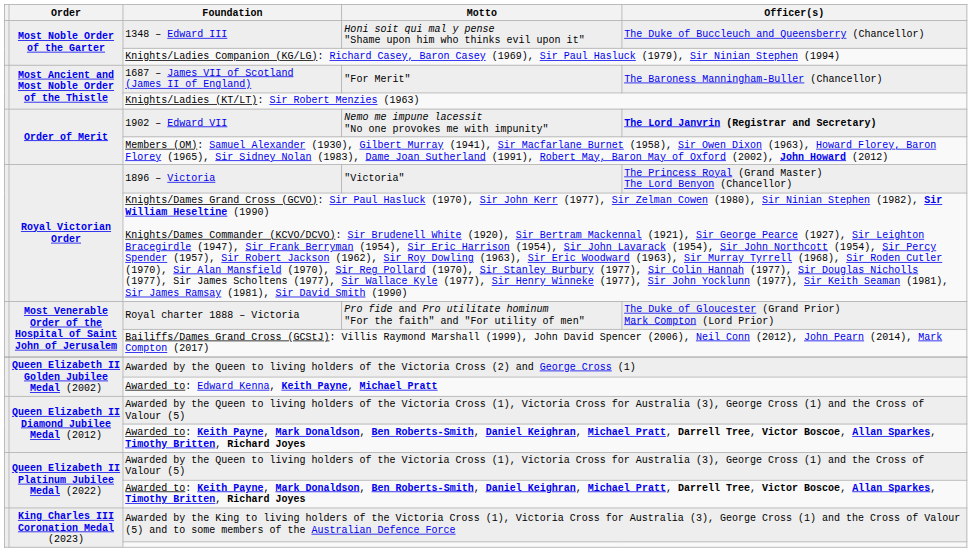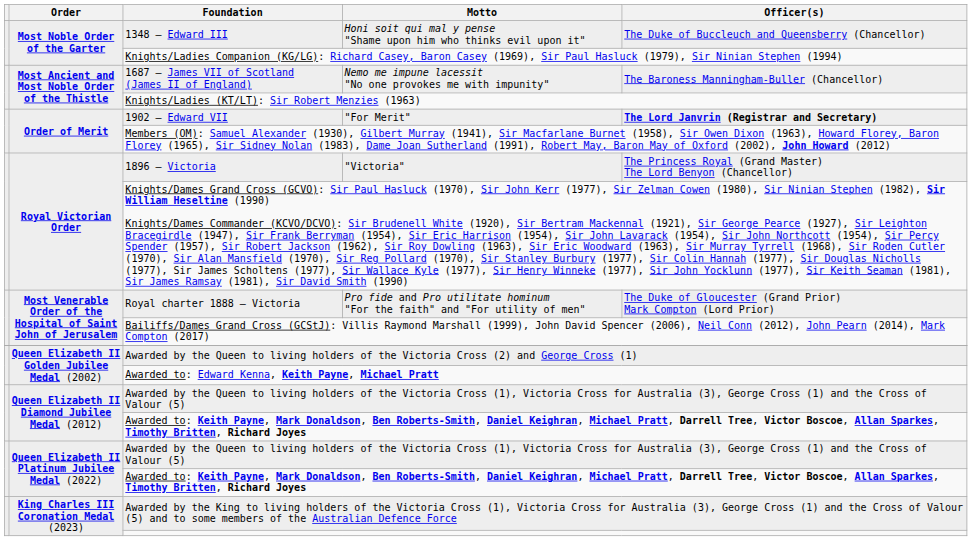 <table class="wikitable">
 <tr>
 <th></th>
 <th>Order</th>
 <th>Foundation</th>
 <th>Motto</th>
 <th>Officer(s)<br></th>
 </tr>
 <tr style="background:#eee;">
 <td rowspan="2" style="text-align:center;"><br></td>
 <td rowspan="2" style="text-align:center;"><strong><a href='#'>Most Noble Order of the Garter</a></strong></td>
 <td>1348 – <a href='#'>Edward III</a></td>
 <td><em>Honi soit qui mal y pense</em><br>"Shame upon him who thinks evil upon it"</td>
 <td><a href='#'>The Duke of Buccleuch and Queensberry</a> (Chancellor)</td>
 </tr>
 <tr>
 <td colspan=4><u>Knights/Ladies Companion (KG/LG)</u>: <a href='#'>Richard Casey, Baron Casey</a> (1969), <a href='#'>Sir Paul Hasluck</a> (1979), <a href='#'>Sir Ninian Stephen</a> (1994)<br></td>
 </tr>
 <tr style="background:#eee;">
 <td rowspan="2" style="text-align:center;"><br></td>
 <td rowspan="2" style="text-align:center;"><strong><a href='#'>Most Ancient and Most Noble Order of the Thistle</a></strong></td>
 <td>1687 – <a href='#'>James VII of Scotland<br>(James II of England)</a></td>
-<td>"For Merit"</td>
+<td><em>Nemo me impune lacessit</em><br>"No one provokes me with impunity"</td>
 <td><a href='#'>The Baroness Manningham-Buller</a> (Chancellor)</td>
 </tr>
 <tr>
 <td colspan=4><u>Knights/Ladies (KT/LT)</u>: <a href='#'>Sir Robert Menzies</a> (1963)<br> </td>
 </tr>
 <tr style="background:#eee;">
 <td rowspan="2" style="text-align:center;"><br><br></td>
 <td rowspan="2" style="text-align:center;"><strong><a href='#'>Order of Merit</a></strong></td>
 <td>1902 – <a href='#'>Edward VII</a></td>
-<td><em>Nemo me impune lacessit</em><br>"No one provokes me with impunity"</td>
+<td>"For Merit"</td>
 <td><strong><a href='#'>The Lord Janvrin</a> (Registrar and Secretary)</strong></td>
 </tr>
 <tr>
 <td colspan=4><u>Members (OM)</u>: <a href='#'>Samuel Alexander</a> (1930), <a href='#'>Gilbert Murray</a> (1941), <a href='#'>Sir Macfarlane Burnet</a> (1958), <a href='#'>Sir Owen Dixon</a> (1963), <a href='#'>Howard Florey, Baron Florey</a> (1965), <a href='#'>Sir Sidney Nolan</a> (1983), <a href='#'>Dame Joan Sutherland</a> (1991), <a href='#'>Robert May, Baron May of Oxford</a> (2002), <strong><a href='#'>John Howard</a></strong> (2012)<br></td>
 </tr>
 <tr style="background:#eee;">
 <td rowspan="2" style="text-align:center;"><br></td>
 <td rowspan="2" style="text-align:center;"><strong><a href='#'>Royal Victorian Order</a></strong></td>
 <td>1896 – <a href='#'>Victoria</a></td>
 <td>"Victoria"</td>
 <td><a href='#'>The Princess Royal</a> (Grand Master)<br> <a href='#'>The Lord Benyon</a> (Chancellor)</td>
 </tr>
 <tr>
 <td colspan=4><u>Knights/Dames Grand Cross (GCVO)</u>: <a href='#'>Sir Paul Hasluck</a> (1970), <a href='#'>Sir John Kerr</a> (1977), <a href='#'>Sir Zelman Cowen</a> (1980), <a href='#'>Sir Ninian Stephen</a> (1982), <strong><a href='#'>Sir William Heseltine</a></strong> (1990)<br><br><u>Knights/Dames Commander (KCVO/DCVO)</u>: <a href='#'>Sir Brudenell White</a> (1920), <a href='#'>Sir Bertram Mackennal</a> (1921), <a href='#'>Sir George Pearce</a> (1927), <a href='#'>Sir Leighton Bracegirdle</a> (1947), <a href='#'>Sir Frank Berryman</a> (1954), <a href='#'>Sir Eric Harrison</a> (1954), <a href='#'>Sir John Lavarack</a> (1954), <a href='#'>Sir John Northcott</a> (1954), <a href='#'>Sir Percy Spender</a> (1957), <a href='#'>Sir Robert Jackson</a> (1962), <a href='#'>Sir Roy Dowling</a> (1963), <a href='#'>Sir Eric Woodward</a> (1963), <a href='#'>Sir Murray Tyrrell</a> (1968), <a href='#'>Sir Roden Cutler</a> (1970), <a href='#'>Sir Alan Mansfield</a> (1970), <a href='#'>Sir Reg Pollard</a> (1970), <a href='#'>Sir Stanley Burbury</a> (1977), <a href='#'>Sir Colin Hannah</a> (1977), <a href='#'>Sir Douglas Nicholls</a> (1977), Sir James Scholtens (1977), <a href='#'>Sir Wallace Kyle</a> (1977), <a href='#'>Sir Henry Winneke</a> (1977), <a href='#'>Sir John Yocklunn</a> (1977), <a href='#'>Sir Keith Seaman</a> (1981), <a href='#'>Sir James Ramsay</a> (1981), <a href='#'>Sir David Smith</a> (1990) </td>
 </tr>
 <tr style="background:#eee;">
 <td rowspan="2" style="text-align:center;"></td>
 <td rowspan="2" style="text-align:center;"><strong><a href='#'>Most Venerable Order of the Hospital of Saint John of Jerusalem</a></strong></td>
 <td>Royal charter 1888 – Victoria</td>
 <td><em>Pro fide</em> and <em>Pro utilitate hominum</em><br>"For the faith" and "For utility of men"</td>
 <td><a href='#'>The Duke of Gloucester</a> (Grand Prior)<br><a href='#'>Mark Compton</a> (Lord Prior)</td>
 </tr>
 <tr>
 <td colspan=4><u>Bailiffs/Dames Grand Cross (GCStJ)</u>: Villis Raymond Marshall (1999), John David Spencer (2006), <a href='#'>Neil Conn</a> (2012), <a href='#'>John Pearn</a> (2014), <a href='#'>Mark Compton</a> (2017)</td>
 </tr>
 <tr>
 </tr>
 <tr style="background:#eee;">
 <td rowspan="2" style="text-align:center;"></td>
 <td rowspan="2" style="text-align:center;"><strong><a href='#'>Queen Elizabeth II Golden Jubilee Medal</a></strong> (2002)</td>
 <td colspan=4>Awarded by the Queen to living holders of the Victoria Cross (2) and <a href='#'>George Cross</a> (1)</td>
 </tr>
 <tr>
 <td colspan=4><u>Awarded to</u>: <a href='#'>Edward Kenna</a>, <strong><a href='#'>Keith Payne</a></strong>, <strong><a href='#'>Michael Pratt</a></strong><br></td>
 </tr>
 <tr style="background:#eee;">
 <td rowspan="2" style="text-align:center;"></td>
 <td rowspan="2" style="text-align:center;"><strong><a href='#'>Queen Elizabeth II Diamond Jubilee Medal</a></strong> (2012)</td>
 <td colspan=4>Awarded by the Queen to living holders of the Victoria Cross (1), Victoria Cross for Australia (3), George Cross (1) and the Cross of Valour (5)</td>
 </tr>
 <tr>
 <td colspan=4><u>Awarded to</u>: <strong><a href='#'>Keith Payne</a></strong>, <strong><a href='#'>Mark Donaldson</a></strong>, <strong><a href='#'>Ben Roberts-Smith</a></strong>, <strong><a href='#'>Daniel Keighran</a></strong>, <strong><a href='#'>Michael Pratt</a></strong>, <strong>Darrell Tree</strong>, <strong>Victor Boscoe</strong>, <strong><a href='#'>Allan Sparkes</a></strong>, <strong><a href='#'>Timothy Britten</a></strong>, <strong>Richard Joyes</strong><br></td>
 </tr>
 <tr style="background:#eee;">
 <td rowspan="2" style="text-align:center;"></td>
 <td rowspan="2" style="text-align:center;"><strong><a href='#'>Queen Elizabeth II Platinum Jubilee Medal</a></strong> (2022)</td>
 <td colspan=4>Awarded by the Queen to living holders of the Victoria Cross (1), Victoria Cross for Australia (3), George Cross (1) and the Cross of Valour (5)</td>
 </tr>
 <tr>
 <td colspan=4><u>Awarded to</u>: <strong><a href='#'>Keith Payne</a></strong>, <strong><a href='#'>Mark Donaldson</a></strong>, <strong><a href='#'>Ben Roberts-Smith</a></strong>, <strong><a href='#'>Daniel Keighran</a></strong>, <strong><a href='#'>Michael Pratt</a></strong>, <strong>Darrell Tree</strong>, <strong>Victor Boscoe</strong>, <strong><a href='#'>Allan Sparkes</a></strong>, <strong><a href='#'>Timothy Britten</a></strong>, <strong>Richard Joyes</strong><br></td>
 </tr>
 <tr style="background:#eee;">
 <td rowspan="2" style="text-align:center;"></td>
 <td rowspan="2" style="text-align:center;"><strong><a href='#'>King Charles III Coronation Medal</a></strong> (2023)</td>
 <td colspan=4>Awarded by the King to living holders of the Victoria Cross (1), Victoria Cross for Australia (3), George Cross (1) and the Cross of Valour (5) and to some members of the <a href='#'>Australian Defence Force</a></td>
 </tr>
 <tr>
 <td colspan=4></td>
 </tr>
 </table>
